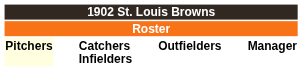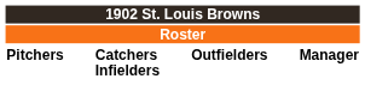 <table class="toccolours" style="font-size: 95%;">
 <tr>
 <th colspan="10" style="background-color: #312821; color: white; text-align: center;">1902 St. Louis Browns</th>
 </tr>
 <tr>
 <td colspan="10" style="background-color: #F87217; color: white; text-align: center;"><strong>Roster</strong></td>
 </tr>
 <tr>
-<td valign="top" style="background: lightyellow;"><strong>Pitchers</strong><br>      </td>
+<td valign="top"><strong>Pitchers</strong><br>      </td>
 <td width="25px"></td>
 <td valign="top"><strong>Catchers</strong><br>   <strong>Infielders</strong>    </td>
 <td width="25px"></td>
 <td valign="top"><strong>Outfielders</strong><br>      </td>
 <td width="25px"></td>
 <td valign="top"><strong>Manager</strong><br></td>
 </tr>
 </table>
